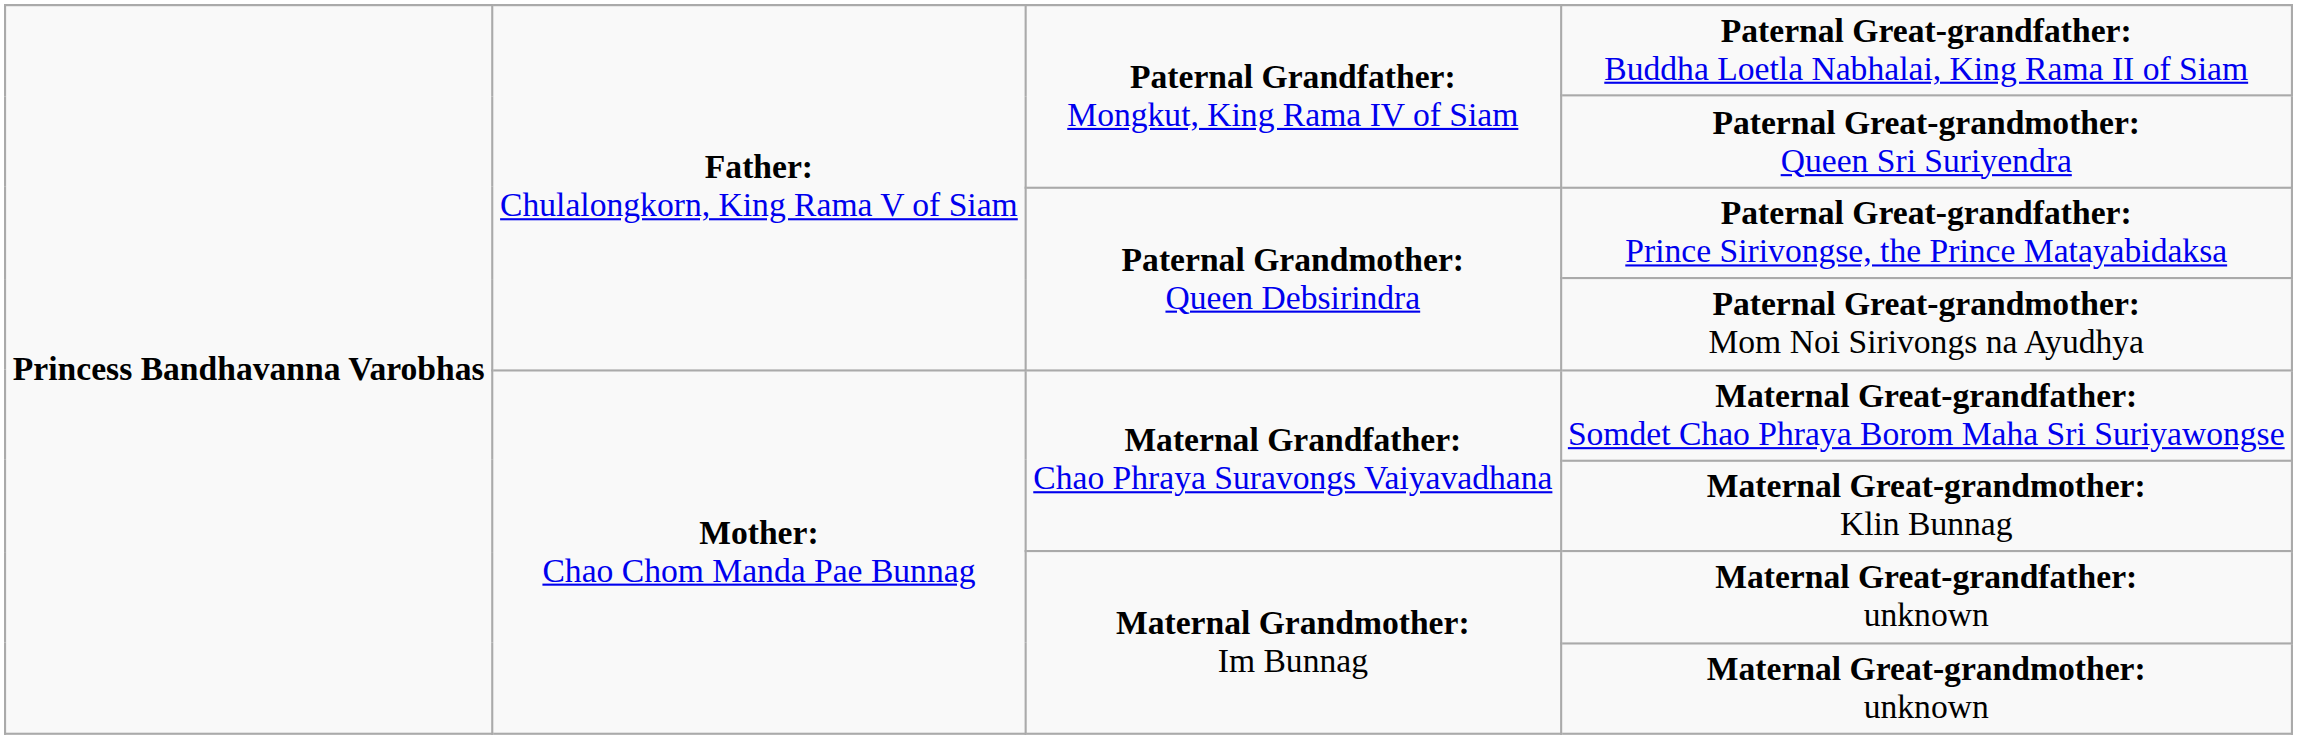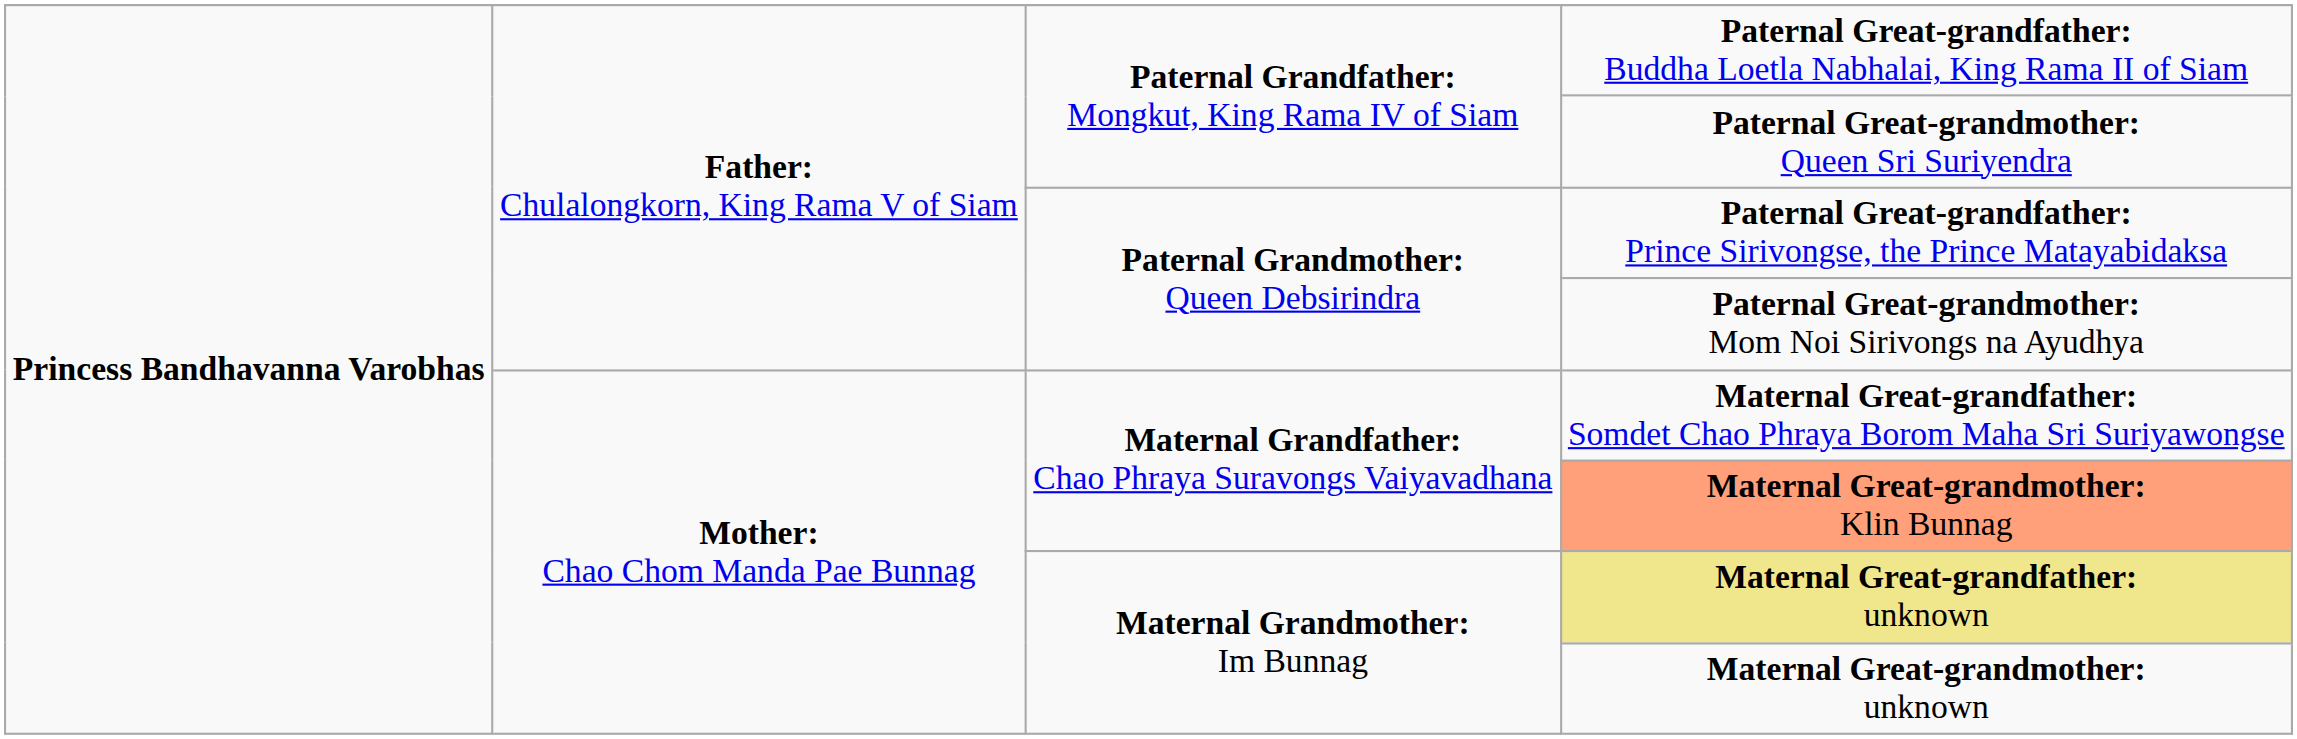 <table class="wikitable">
 <tr>
 </tr>
 <tr>
 <td rowspan="8" align="center"><strong>Princess Bandhavanna Varobhas</strong></td>
 <td rowspan="4" align="center"><strong>Father:</strong><br><a href='#'>Chulalongkorn, King Rama V of Siam</a></td>
 <td rowspan="2" align="center"><strong>Paternal Grandfather:</strong><br><a href='#'>Mongkut, King Rama IV of Siam</a></td>
 <td align = "center"><strong>Paternal Great-grandfather:</strong><br><a href='#'>Buddha Loetla Nabhalai, King Rama II of Siam</a></td>
 </tr>
 <tr>
 <td align = "center"><strong>Paternal Great-grandmother:</strong><br><a href='#'>Queen Sri Suriyendra</a></td>
 </tr>
 <tr>
 <td rowspan="2" align="center"><strong>Paternal Grandmother:</strong><br><a href='#'>Queen Debsirindra</a></td>
 <td align = "center"><strong>Paternal Great-grandfather:</strong><br><a href='#'>Prince Sirivongse, the Prince Matayabidaksa</a></td>
 </tr>
 <tr>
 <td align = "center"><strong>Paternal Great-grandmother:</strong><br>Mom Noi Sirivongs na Ayudhya</td>
 </tr>
 <tr>
 <td rowspan="4" align="center"><strong>Mother:</strong><br><a href='#'>Chao Chom Manda Pae Bunnag</a></td>
 <td rowspan="2" align="center"><strong>Maternal Grandfather:</strong><br><a href='#'>Chao Phraya Suravongs Vaiyavadhana</a></td>
 <td align = "center"><strong>Maternal Great-grandfather:</strong><br><a href='#'>Somdet Chao Phraya Borom Maha Sri Suriyawongse</a></td>
 </tr>
 <tr>
-<td align = "center"><strong>Maternal Great-grandmother:</strong><br>Klin Bunnag</td>
+<td align = "center" style="background: lightsalmon;"><strong>Maternal Great-grandmother:</strong><br>Klin Bunnag</td>
 </tr>
 <tr>
 <td rowspan="2" align="center"><strong>Maternal Grandmother:</strong><br>Im Bunnag</td>
-<td align = "center"><strong>Maternal Great-grandfather:</strong><br>unknown</td>
+<td align = "center" style="background: khaki;"><strong>Maternal Great-grandfather:</strong><br>unknown</td>
 </tr>
 <tr>
 <td align = "center"><strong>Maternal Great-grandmother:</strong><br>unknown</td>
 </tr>
 </table>
